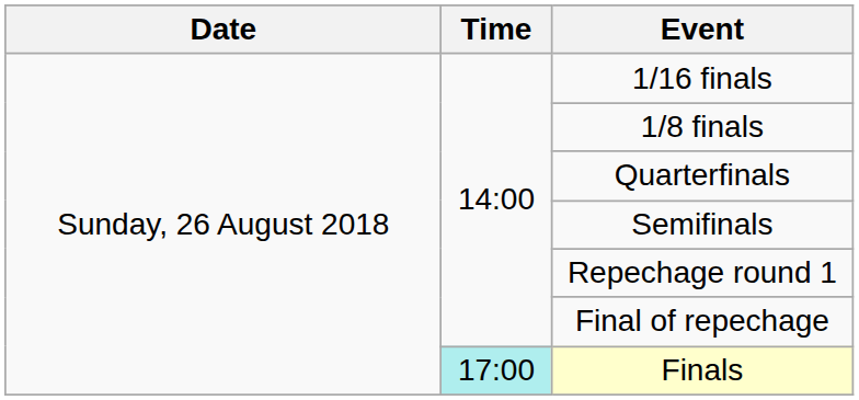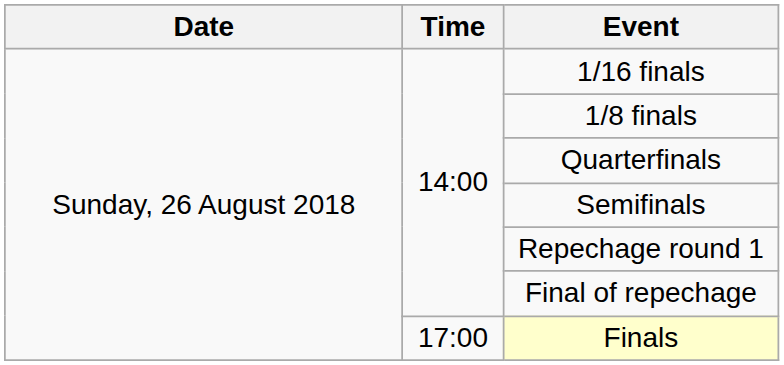 <table class = "wikitable" style="text-align:center;">
 <tr>
 <th width=220>Date</th>
 <th width=50>Time</th>
 <th width=150>Event</th>
 </tr>
 <tr>
 <td rowspan=7>Sunday, 26 August 2018</td>
 <td rowspan=6>14:00</td>
 <td>1/16 finals</td>
 </tr>
 <tr>
 <td>1/8 finals</td>
 </tr>
 <tr>
 <td>Quarterfinals</td>
 </tr>
 <tr>
 <td>Semifinals</td>
 </tr>
 <tr>
 <td>Repechage round 1</td>
 </tr>
 <tr>
 <td>Final of repechage</td>
 </tr>
 <tr>
-<td style="background: paleturquoise;">17:00</td>
+<td>17:00</td>
 <td bgcolor=ffffcc>Finals</td>
 </tr>
 </table>
